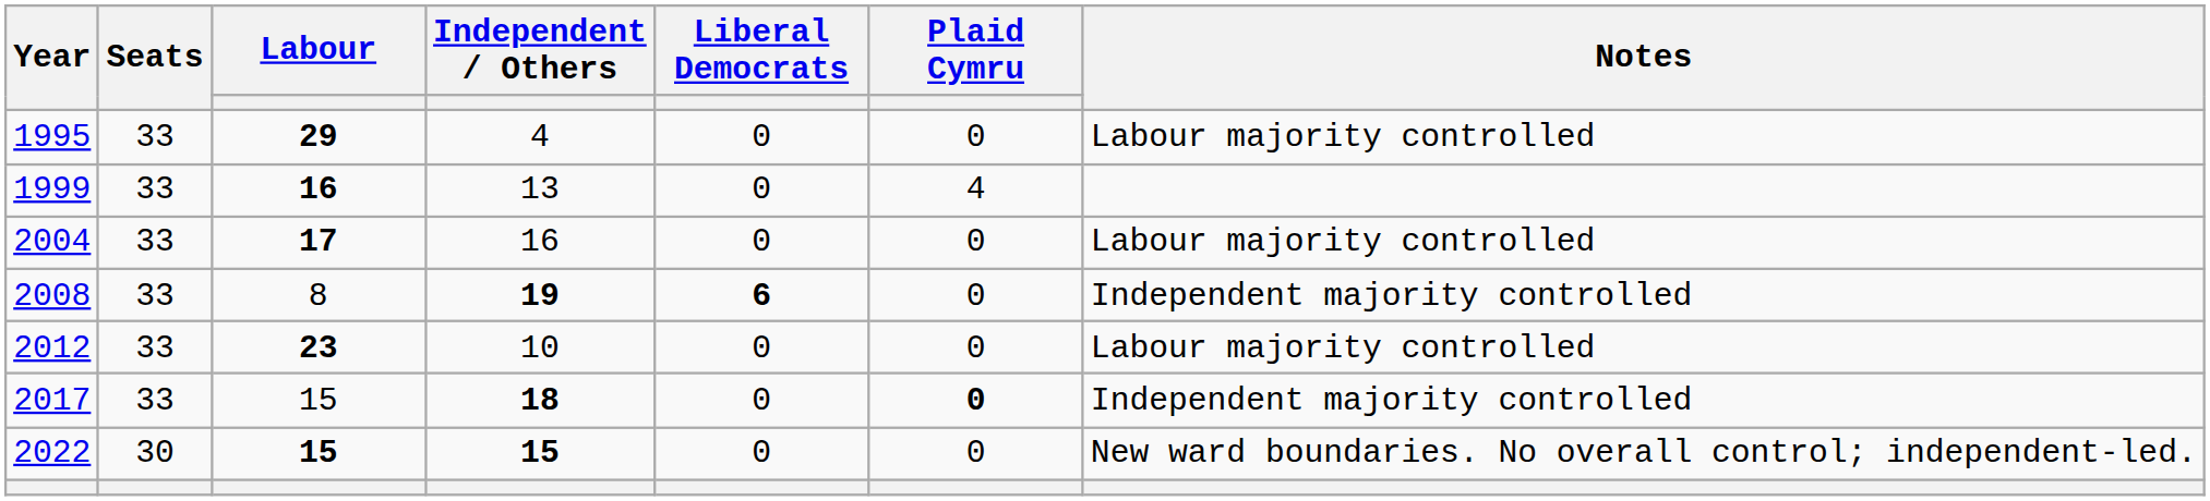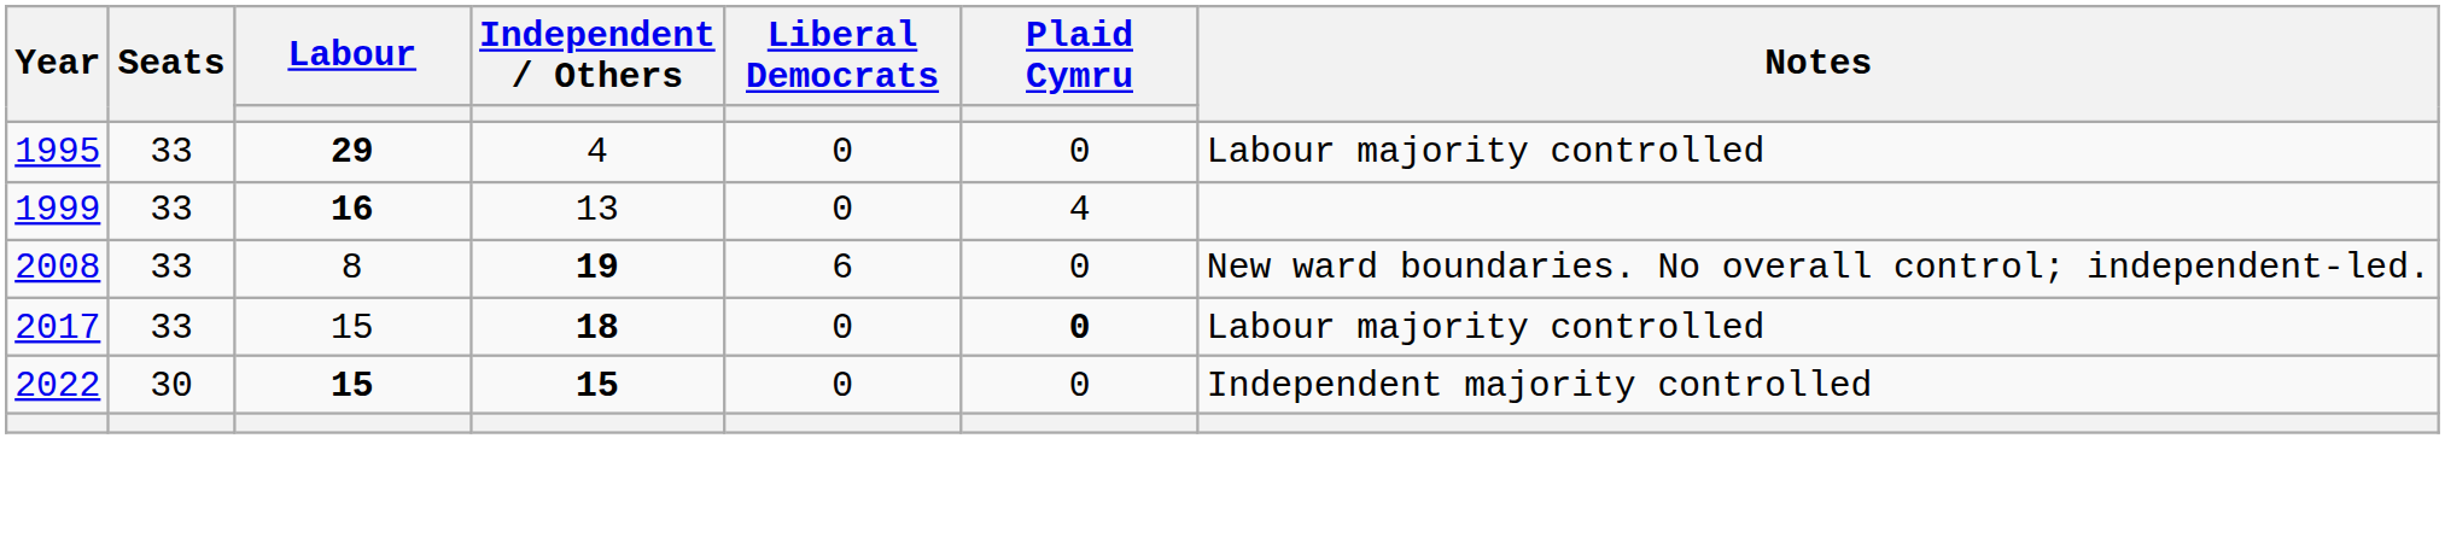 <table class="wikitable" style=text-align:center>
 <tr>
 <th rowspan=2>Year</th>
 <th rowspan=2>Seats</th>
 <th width="80"><a href='#'>Labour</a></th>
 <th width="80"><a href='#'>Independent</a> / Others</th>
 <th width="80"><a href='#'>Liberal Democrats</a></th>
 <th width="80"><a href='#'>Plaid Cymru</a></th>
 <th rowspan=2>Notes</th>
 </tr>
 <tr>
 <th style="background-color: "></th>
 <th style="background-color: "></th>
 <th style="background-color: "></th>
 <th style="background-color: "></th>
 </tr>
 <tr>
 <td><a href='#'>1995</a></td>
 <td>33</td>
 <td><strong>29</strong></td>
 <td>4</td>
 <td>0</td>
 <td>0</td>
 <td align=left>Labour majority controlled</td>
 </tr>
 <tr>
 <td><a href='#'>1999</a></td>
 <td>33</td>
 <td><strong>16</strong></td>
 <td>13</td>
 <td>0</td>
 <td>4</td>
 <td></td>
 </tr>
 <tr>
-<td><a href='#'>2004</a></td>
-<td>33</td>
-<td><strong>17</strong></td>
-<td>16</td>
-<td>0</td>
-<td>0</td>
-<td align=left>Labour majority controlled</td>
-</tr>
-<tr>
 <td><a href='#'>2008</a></td>
 <td>33</td>
 <td>8</td>
 <td><strong>19</strong></td>
-<td><strong>6</strong></td>
+<td>6</td>
 <td>0</td>
-<td align=left>Independent majority controlled</td>
-</tr>
-<tr>
-<td><a href='#'>2012</a></td>
-<td>33</td>
-<td><strong>23</strong></td>
-<td>10</td>
-<td>0</td>
-<td>0</td>
-<td align=left>Labour majority controlled</td>
+<td align=left>New ward boundaries. No overall control; independent-led.</td>
 </tr>
 <tr>
 <td><a href='#'>2017</a></td>
 <td>33</td>
 <td>15</td>
 <td><strong>18</strong></td>
 <td>0</td>
 <td><strong>0</strong></td>
-<td align=left>Independent majority controlled</td>
+<td align=left>Labour majority controlled</td>
 </tr>
 <tr>
 <td><a href='#'>2022</a></td>
 <td>30</td>
 <td><strong>15</strong></td>
 <td><strong>15</strong></td>
 <td>0</td>
 <td>0</td>
-<td align=left>New ward boundaries. No overall control; independent-led.</td>
+<td align=left>Independent majority controlled</td>
 </tr>
 <tr>
 <th></th>
 <th></th>
 <th style="background-color: "></th>
 <th style="background-color: "></th>
 <th style="background-color: "></th>
 <th style="background-color: "></th>
 <th></th>
 </tr>
 </table>
